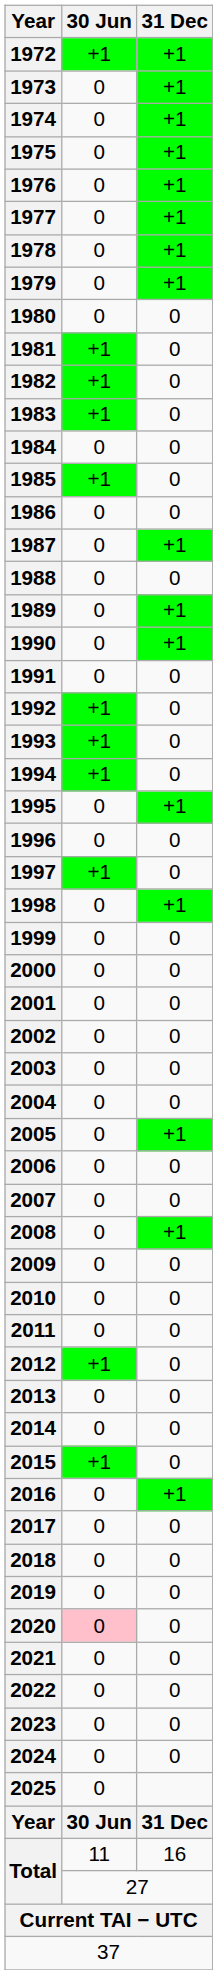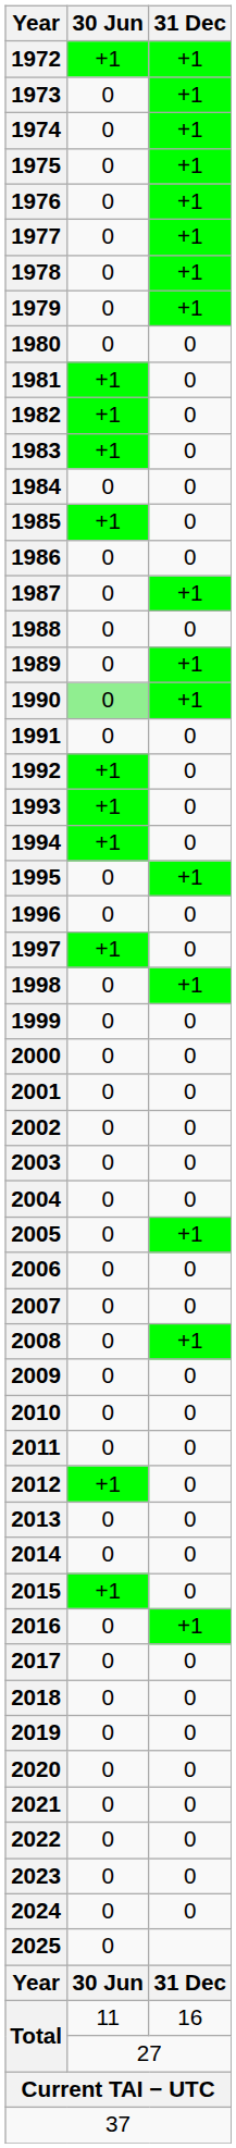 <table class="wikitable" style="float:right; margin-right: 0; margin-left: 1em; text-align: center;">
 <tr>
 <th>Year</th>
 <th>30 Jun</th>
 <th>31 Dec</th>
 </tr>
 <tr>
 <th>1972</th>
 <td bgcolor="lime">+1</td>
 <td bgcolor="lime">+1</td>
 </tr>
 <tr>
 <th>1973</th>
 <td>0</td>
 <td bgcolor="lime">+1</td>
 </tr>
 <tr>
 <th>1974</th>
 <td>0</td>
 <td bgcolor="lime">+1</td>
 </tr>
 <tr>
 <th>1975</th>
 <td>0</td>
 <td bgcolor="lime">+1</td>
 </tr>
 <tr>
 <th>1976</th>
 <td>0</td>
 <td bgcolor="lime">+1</td>
 </tr>
 <tr>
 <th>1977</th>
 <td>0</td>
 <td bgcolor="lime">+1</td>
 </tr>
 <tr>
 <th>1978</th>
 <td>0</td>
 <td bgcolor="lime">+1</td>
 </tr>
 <tr>
 <th>1979</th>
 <td>0</td>
 <td bgcolor="lime">+1</td>
 </tr>
 <tr>
 <th>1980</th>
 <td>0</td>
 <td>0</td>
 </tr>
 <tr>
 <th>1981</th>
 <td bgcolor="lime">+1</td>
 <td>0</td>
 </tr>
 <tr>
 <th>1982</th>
 <td bgcolor="lime">+1</td>
 <td>0</td>
 </tr>
 <tr>
 <th>1983</th>
 <td bgcolor="lime">+1</td>
 <td>0</td>
 </tr>
 <tr>
 <th>1984</th>
 <td>0</td>
 <td>0</td>
 </tr>
 <tr>
 <th>1985</th>
 <td bgcolor="lime">+1</td>
 <td>0</td>
 </tr>
 <tr>
 <th>1986</th>
 <td>0</td>
 <td>0</td>
 </tr>
 <tr>
 <th>1987</th>
 <td>0</td>
 <td bgcolor="lime">+1</td>
 </tr>
 <tr>
 <th>1988</th>
 <td>0</td>
 <td>0</td>
 </tr>
 <tr>
 <th>1989</th>
 <td>0</td>
 <td bgcolor="lime">+1</td>
 </tr>
 <tr>
 <th>1990</th>
-<td>0</td>
+<td style="background: lightgreen;">0</td>
 <td bgcolor="lime">+1</td>
 </tr>
 <tr>
 <th>1991</th>
 <td>0</td>
 <td>0</td>
 </tr>
 <tr>
 <th>1992</th>
 <td bgcolor="lime">+1</td>
 <td>0</td>
 </tr>
 <tr>
 <th>1993</th>
 <td bgcolor="lime">+1</td>
 <td>0</td>
 </tr>
 <tr>
 <th>1994</th>
 <td bgcolor="lime">+1</td>
 <td>0</td>
 </tr>
 <tr>
 <th>1995</th>
 <td>0</td>
 <td bgcolor="lime">+1</td>
 </tr>
 <tr>
 <th>1996</th>
 <td>0</td>
 <td>0</td>
 </tr>
 <tr>
 <th>1997</th>
 <td bgcolor="lime">+1</td>
 <td>0</td>
 </tr>
 <tr>
 <th>1998</th>
 <td>0</td>
 <td bgcolor="lime">+1</td>
 </tr>
 <tr>
 <th>1999</th>
 <td>0</td>
 <td>0</td>
 </tr>
 <tr>
 <th>2000</th>
 <td>0</td>
 <td>0</td>
 </tr>
 <tr>
 <th>2001</th>
 <td>0</td>
 <td>0</td>
 </tr>
 <tr>
 <th>2002</th>
 <td>0</td>
 <td>0</td>
 </tr>
 <tr>
 <th>2003</th>
 <td>0</td>
 <td>0</td>
 </tr>
 <tr>
 <th>2004</th>
 <td>0</td>
 <td>0</td>
 </tr>
 <tr>
 <th>2005</th>
 <td>0</td>
 <td bgcolor="lime">+1</td>
 </tr>
 <tr>
 <th>2006</th>
 <td>0</td>
 <td>0</td>
 </tr>
 <tr>
 <th>2007</th>
 <td>0</td>
 <td>0</td>
 </tr>
 <tr>
 <th>2008</th>
 <td>0</td>
 <td bgcolor="lime">+1</td>
 </tr>
 <tr>
 <th>2009</th>
 <td>0</td>
 <td>0</td>
 </tr>
 <tr>
 <th>2010</th>
 <td>0</td>
 <td>0</td>
 </tr>
 <tr>
 <th>2011</th>
 <td>0</td>
 <td>0</td>
 </tr>
 <tr>
 <th>2012</th>
 <td bgcolor="lime">+1</td>
 <td>0</td>
 </tr>
 <tr>
 <th>2013</th>
 <td>0</td>
 <td>0</td>
 </tr>
 <tr>
 <th>2014</th>
 <td>0</td>
 <td>0</td>
 </tr>
 <tr>
 <th>2015</th>
 <td bgcolor="lime">+1</td>
 <td>0</td>
 </tr>
 <tr>
 <th>2016</th>
 <td>0</td>
 <td bgcolor="lime">+1</td>
 </tr>
 <tr>
 <th>2017</th>
 <td>0</td>
 <td>0</td>
 </tr>
 <tr>
 <th>2018</th>
 <td>0</td>
 <td>0</td>
 </tr>
 <tr>
 <th>2019</th>
 <td>0</td>
 <td>0</td>
 </tr>
 <tr>
 <th>2020</th>
-<td style="background: pink;">0</td>
+<td>0</td>
 <td>0</td>
 </tr>
 <tr>
 <th>2021</th>
 <td>0</td>
 <td>0</td>
 </tr>
 <tr>
 <th>2022</th>
 <td>0</td>
 <td>0</td>
 </tr>
 <tr>
 <th>2023</th>
 <td>0</td>
 <td>0</td>
 </tr>
 <tr>
 <th>2024</th>
 <td>0</td>
 <td>0</td>
 </tr>
 <tr>
 <th>2025</th>
 <td>0</td>
 <td></td>
 </tr>
 <tr>
 <th>Year</th>
 <th>30 Jun</th>
 <th>31 Dec</th>
 </tr>
 <tr>
 <th rowspan="2">Total</th>
 <td>11</td>
 <td>16</td>
 </tr>
 <tr>
 <td colspan="2">27</td>
 </tr>
 <tr>
 <th colspan="3">Current TAI − UTC</th>
 </tr>
 <tr>
 <td colspan="3">37</td>
 </tr>
 </table>
